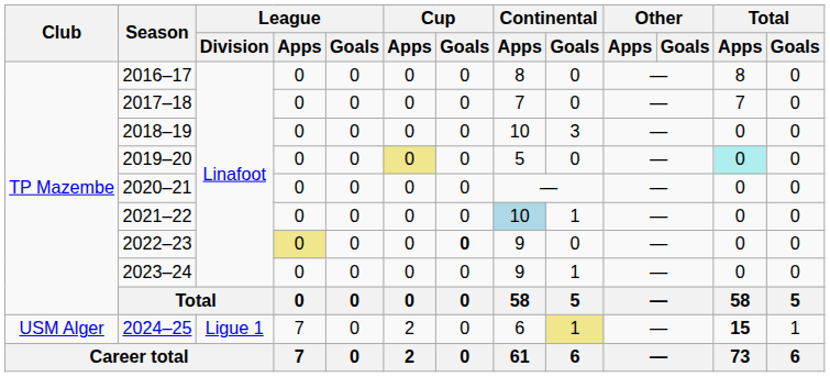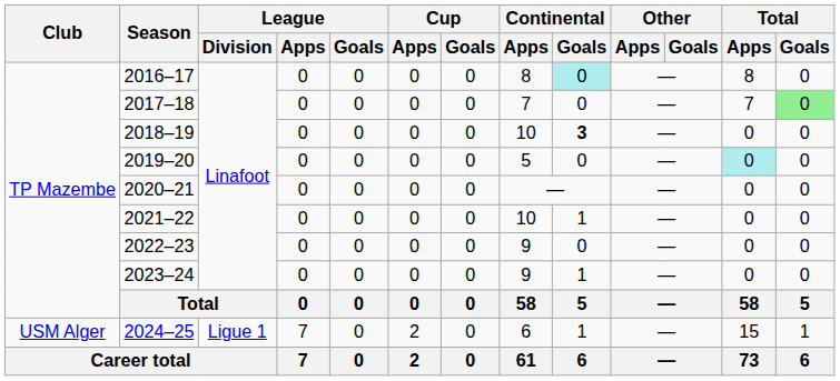 <table class="wikitable" style="text-align: center;">
 <tr>
 <th rowspan="2">Club</th>
 <th rowspan="2">Season</th>
 <th colspan="3">League</th>
 <th colspan="2">Cup</th>
 <th colspan="2">Continental</th>
 <th colspan="2">Other</th>
 <th colspan="2">Total</th>
 </tr>
 <tr>
 <th>Division</th>
 <th>Apps</th>
 <th>Goals</th>
 <th>Apps</th>
 <th>Goals</th>
 <th>Apps</th>
 <th>Goals</th>
 <th>Apps</th>
 <th>Goals</th>
 <th>Apps</th>
 <th>Goals</th>
 </tr>
 <tr>
 <td rowspan=9><a href='#'>TP Mazembe</a></td>
 <td>2016–17</td>
 <td rowspan=8><a href='#'>Linafoot</a></td>
 <td>0</td>
 <td>0</td>
 <td>0</td>
 <td>0</td>
 <td>8</td>
-<td>0</td>
+<td style="background: paleturquoise;">0</td>
 <td colspan=2>—</td>
 <td>8</td>
 <td>0</td>
 </tr>
 <tr>
 <td>2017–18</td>
 <td>0</td>
 <td>0</td>
 <td>0</td>
 <td>0</td>
 <td>7</td>
 <td>0</td>
 <td colspan=2>—</td>
 <td>7</td>
-<td>0</td>
+<td style="background: lightgreen;">0</td>
 </tr>
 <tr>
 <td>2018–19</td>
 <td>0</td>
 <td>0</td>
 <td>0</td>
 <td>0</td>
 <td>10</td>
-<td>3</td>
+<td><strong>3</strong></td>
 <td colspan=2>—</td>
 <td>0</td>
 <td>0</td>
 </tr>
 <tr>
 <td>2019–20</td>
 <td>0</td>
 <td>0</td>
-<td style="background: khaki;">0</td>
+<td>0</td>
 <td>0</td>
 <td>5</td>
 <td>0</td>
 <td colspan=2>—</td>
 <td style="background: paleturquoise;">0</td>
 <td>0</td>
 </tr>
 <tr>
 <td>2020–21</td>
 <td>0</td>
 <td>0</td>
 <td>0</td>
 <td>0</td>
 <td colspan=2>—</td>
 <td colspan=2>—</td>
 <td>0</td>
 <td>0</td>
 </tr>
 <tr>
 <td>2021–22</td>
 <td>0</td>
 <td>0</td>
 <td>0</td>
 <td>0</td>
-<td style="background: lightblue;">10</td>
+<td>10</td>
 <td>1</td>
 <td colspan=2>—</td>
 <td>0</td>
 <td>0</td>
 </tr>
 <tr>
 <td>2022–23</td>
-<td style="background: khaki;">0</td>
 <td>0</td>
 <td>0</td>
-<td><strong>0</strong></td>
+<td>0</td>
+<td>0</td>
 <td>9</td>
 <td>0</td>
 <td colspan=2>—</td>
 <td>0</td>
 <td>0</td>
 </tr>
 <tr>
 <td>2023–24</td>
 <td>0</td>
 <td>0</td>
 <td>0</td>
 <td>0</td>
 <td>9</td>
 <td>1</td>
 <td colspan=2>—</td>
 <td>0</td>
 <td>0</td>
 </tr>
 <tr>
 <th colspan="2">Total</th>
 <th>0</th>
 <th>0</th>
 <th>0</th>
 <th>0</th>
 <th>58</th>
 <th>5</th>
 <th colspan=2>—</th>
 <th>58</th>
 <th>5</th>
 </tr>
 <tr>
 <td><a href='#'>USM Alger</a></td>
 <td><a href='#'>2024–25</a></td>
 <td><a href='#'>Ligue 1</a></td>
 <td>7</td>
 <td>0</td>
 <td>2</td>
 <td>0</td>
 <td>6</td>
-<td style="background: khaki;">1</td>
+<td>1</td>
 <td colspan=2>—</td>
-<td><strong>15</strong></td>
+<td>15</td>
 <td>1</td>
 </tr>
 <tr>
 <th colspan="3">Career total</th>
 <th>7</th>
 <th>0</th>
 <th>2</th>
 <th>0</th>
 <th>61</th>
 <th>6</th>
 <th colspan=2>—</th>
 <th>73</th>
 <th>6</th>
 </tr>
 </table>
